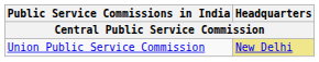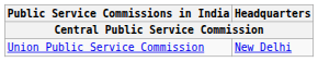 <table class="wikitable">
 <tr>
 <th>Public Service Commissions in India</th>
 <th>Headquarters</th>
 </tr>
 <tr>
 <th colspan="2">Central Public Service Commission</th>
 </tr>
 <tr>
 <td><a href='#'>Union Public Service Commission</a></td>
-<td style="background: khaki;"><a href='#'>New Delhi</a></td>
+<td><a href='#'>New Delhi</a></td>
 </tr>
 </table>
